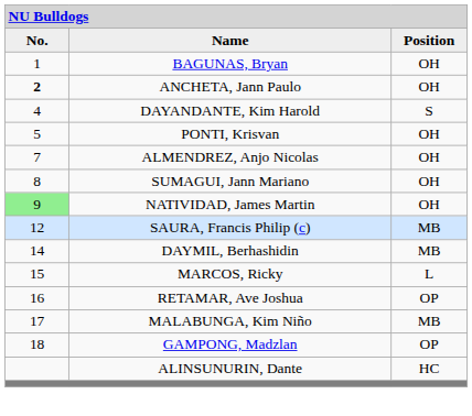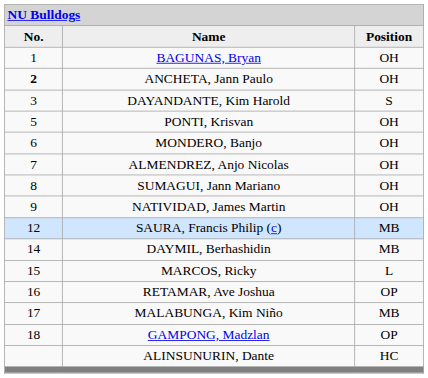 <table class='wikitable mw-collapsible mw-collapsed' style="text-align: center; width: 500px; border: none">
 <tr>
 <th style="background:#D4D4D4; text-align:left;" colspan=3><a href='#'>NU Bulldogs</a></th>
 </tr>
 <tr style="background:#EEEEEE; font-weight:bold;">
 <td width=10%>No.</td>
 <td width=50%>Name</td>
 <td width=10%>Position</td>
 </tr>
 <tr>
 <td>1</td>
 <td><a href='#'>BAGUNAS, Bryan</a></td>
 <td>OH</td>
 </tr>
 <tr>
 <td><strong>2</strong></td>
 <td>ANCHETA, Jann Paulo</td>
 <td>OH</td>
 </tr>
 <tr>
-<td>4</td>
+<td>3</td>
 <td>DAYANDANTE, Kim Harold</td>
 <td>S</td>
 </tr>
 <tr>
 <td>5</td>
 <td>PONTI, Krisvan</td>
+<td>OH</td>
+</tr>
+<tr>
+<td>6</td>
+<td>MONDERO, Banjo</td>
 <td>OH</td>
 </tr>
 <tr>
 <td>7</td>
 <td>ALMENDREZ, Anjo Nicolas</td>
 <td>OH</td>
 </tr>
 <tr>
 <td>8</td>
 <td>SUMAGUI, Jann Mariano</td>
 <td>OH</td>
 </tr>
 <tr>
-<td style="background: lightgreen;">9</td>
+<td>9</td>
 <td>NATIVIDAD, James Martin</td>
 <td>OH</td>
 </tr>
 <tr style="background: #D0E6FF">
 <td>12</td>
 <td>SAURA, Francis Philip (<a href='#'>c</a>)</td>
 <td>MB</td>
 </tr>
 <tr>
 <td>14</td>
 <td>DAYMIL, Berhashidin</td>
 <td>MB</td>
 </tr>
 <tr>
 <td>15</td>
 <td>MARCOS, Ricky</td>
 <td>L</td>
 </tr>
 <tr>
 <td>16</td>
 <td>RETAMAR, Ave Joshua</td>
 <td>OP</td>
 </tr>
 <tr>
 <td>17</td>
 <td>MALABUNGA, Kim Niño</td>
 <td>MB</td>
 </tr>
 <tr>
 <td>18</td>
 <td><a href='#'>GAMPONG, Madzlan</a></td>
 <td>OP</td>
 </tr>
 <tr>
 <td></td>
 <td>ALINSUNURIN, Dante</td>
 <td>HC</td>
 </tr>
 <tr>
 <th style='background: grey;' colspan=3></th>
 </tr>
 </table>
